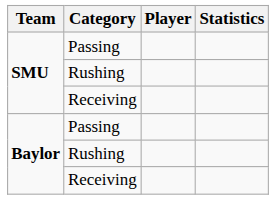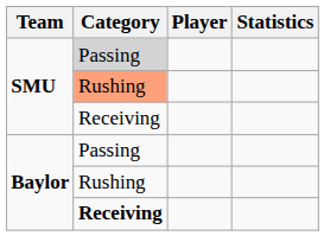 <table class="wikitable" style="float: right;">
 <tr>
 <th>Team</th>
 <th>Category</th>
 <th>Player</th>
 <th>Statistics</th>
 </tr>
 <tr>
 <td rowspan=3><strong>SMU</strong></td>
-<td>Passing</td>
+<td style="background: lightgrey;">Passing</td>
 <td></td>
 <td></td>
 </tr>
 <tr>
-<td>Rushing</td>
+<td style="background: lightsalmon;">Rushing</td>
 <td></td>
 <td></td>
 </tr>
 <tr>
 <td>Receiving</td>
 <td></td>
 <td></td>
 </tr>
 <tr>
 <td rowspan=3><strong>Baylor</strong></td>
 <td>Passing</td>
 <td></td>
 <td></td>
 </tr>
 <tr>
 <td>Rushing</td>
 <td></td>
 <td></td>
 </tr>
 <tr>
-<td>Receiving</td>
+<td><strong>Receiving</strong></td>
 <td></td>
 <td></td>
 </tr>
 </table>
